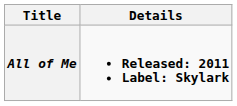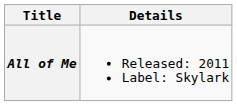 <table class="wikitable plainrowheaders" style="text-align:center;">
 <tr>
 <th>Title</th>
 <th>Details</th>
 </tr>
 <tr>
 <th scope="row"><em>All of Me</em></th>
-<td><strong><br><ul><li>Released: 2011</li><li>Label: Skylark</li></ul></strong></td>
+<td><br><ul><li>Released: 2011</li><li>Label: Skylark</li></ul></td>
 </tr>
 </table>
